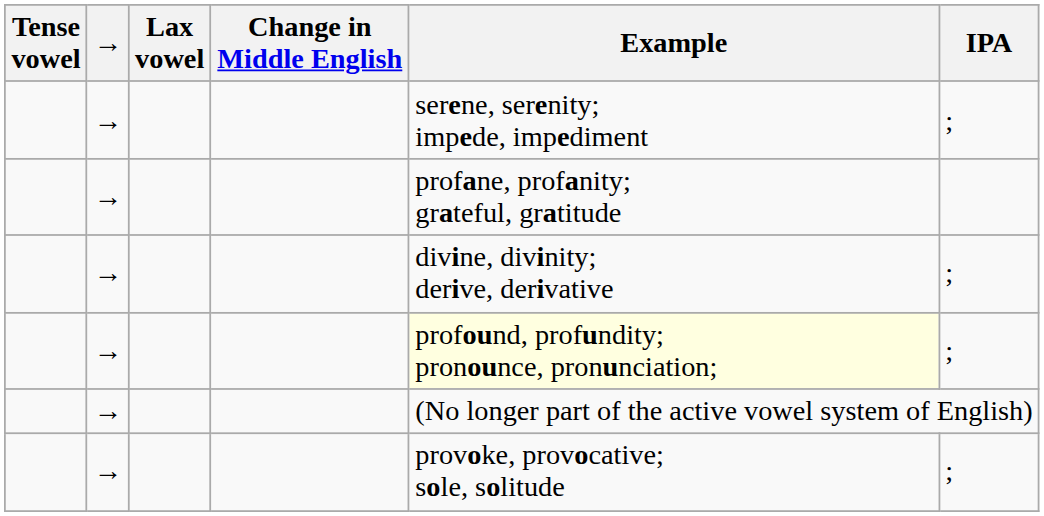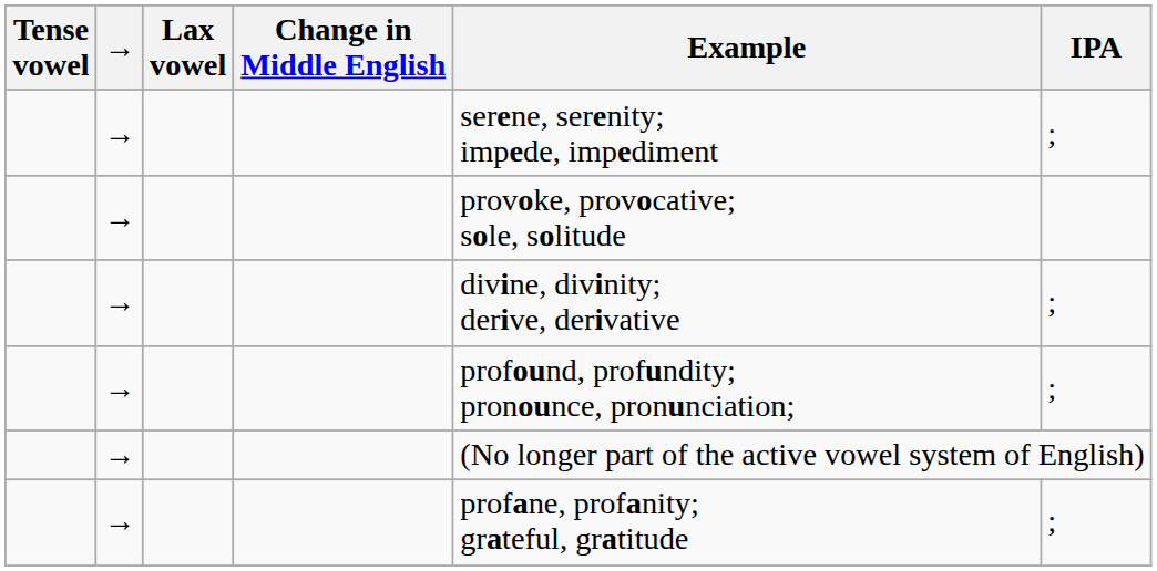 <table class=wikitable>
 <tr>
 <th>Tense <br>vowel</th>
 <th>→</th>
 <th>Lax <br>vowel</th>
 <th>Change in <br><a href='#'>Middle English</a></th>
 <th>Example</th>
 <th>IPA</th>
 </tr>
 <tr>
 <td></td>
 <td>→</td>
 <td></td>
 <td><br></td>
 <td>ser<strong>e</strong>ne, ser<strong>e</strong>nity;<br>imp<strong>e</strong>de, imp<strong>e</strong>diment</td>
 <td>;<br></td>
 </tr>
 <tr>
 <td></td>
 <td>→</td>
 <td></td>
 <td></td>
-<td>prof<strong>a</strong>ne, prof<strong>a</strong>nity;<br>gr<strong>a</strong>teful, gr<strong>a</strong>titude</td>
+<td>prov<strong>o</strong>ke, prov<strong>o</strong>cative;<br>s<strong>o</strong>le, s<strong>o</strong>litude</td>
 <td><br></td>
 </tr>
 <tr>
 <td></td>
 <td>→</td>
 <td></td>
 <td></td>
 <td>div<strong>i</strong>ne, div<strong>i</strong>nity;<br>der<strong>i</strong>ve, der<strong>i</strong>vative</td>
 <td>;<br></td>
 </tr>
 <tr>
 <td></td>
 <td>→</td>
 <td></td>
 <td></td>
-<td style="background: lightyellow;">prof<strong>ou</strong>nd, prof<strong>u</strong>ndity;<br>pron<strong>ou</strong>nce, pron<strong>u</strong>nciation;</td>
+<td>prof<strong>ou</strong>nd, prof<strong>u</strong>ndity;<br>pron<strong>ou</strong>nce, pron<strong>u</strong>nciation;</td>
 <td>;<br></td>
 </tr>
 <tr>
 <td></td>
 <td>→</td>
 <td></td>
 <td></td>
 <td colspan=2>(No longer part of the active vowel system of English)</td>
 </tr>
 <tr>
 <td></td>
 <td>→</td>
 <td></td>
 <td></td>
-<td>prov<strong>o</strong>ke, prov<strong>o</strong>cative;<br>s<strong>o</strong>le, s<strong>o</strong>litude</td>
+<td>prof<strong>a</strong>ne, prof<strong>a</strong>nity;<br>gr<strong>a</strong>teful, gr<strong>a</strong>titude</td>
 <td>;<br></td>
 </tr>
 </table>
